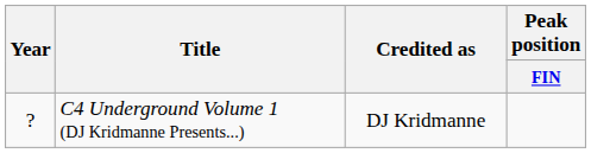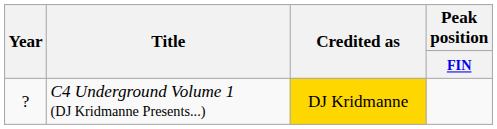 <table class="wikitable">
 <tr>
 <th align="center" rowspan="2">Year</th>
 <th align="center" rowspan="2" width="220">Title</th>
 <th align="center" rowspan="2" width="120">Credited as</th>
 <th align="center" colspan="1">Peak position</th>
 </tr>
 <tr>
 <th width="20"><small><a href='#'>FIN</a></small><br></th>
 </tr>
 <tr>
 <td align="center">?</td>
 <td><em>C4 Underground Volume 1</em> <br><small>(DJ Kridmanne Presents...)</small></td>
-<td align="center">DJ Kridmanne</td>
+<td align="center" style="background: gold;">DJ Kridmanne</td>
 <td align="center"></td>
 </tr>
 </table>
